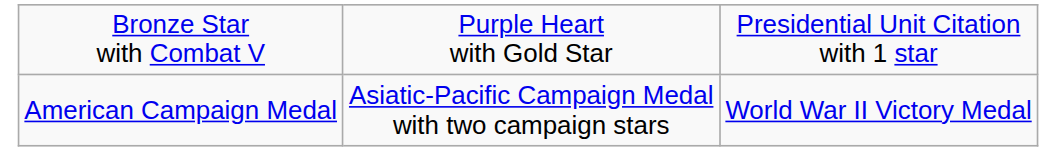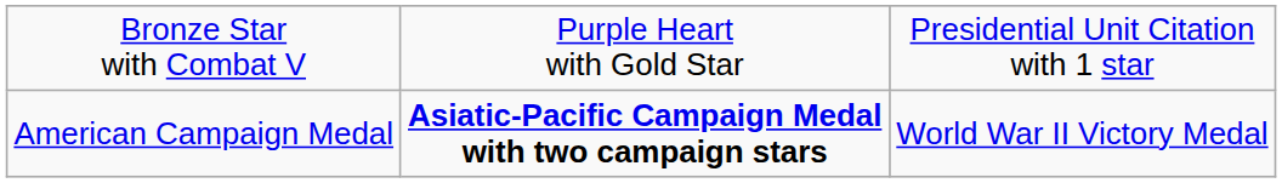 <table class="wikitable" style="margin:1em auto; text-align:center;">
 <tr>
 <td><a href='#'>Bronze Star</a> <br>with <a href='#'>Combat V</a></td>
 <td><a href='#'>Purple Heart</a> <br>with Gold Star</td>
 <td><a href='#'>Presidential Unit Citation</a>  <br>with 1 <a href='#'>star</a></td>
 </tr>
 <tr>
 <td><a href='#'>American Campaign Medal</a></td>
-<td><a href='#'>Asiatic-Pacific Campaign Medal</a> <br>with two campaign stars</td>
+<td><strong><a href='#'>Asiatic-Pacific Campaign Medal</a> <br>with two campaign stars</strong></td>
 <td><a href='#'>World War II Victory Medal</a></td>
 </tr>
 </table>
